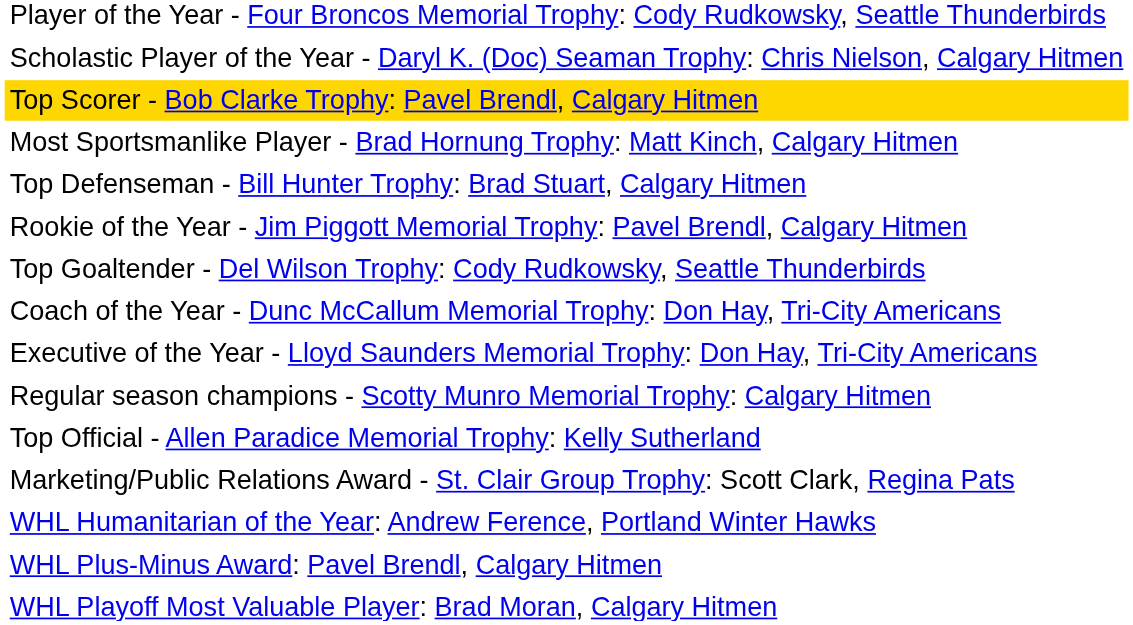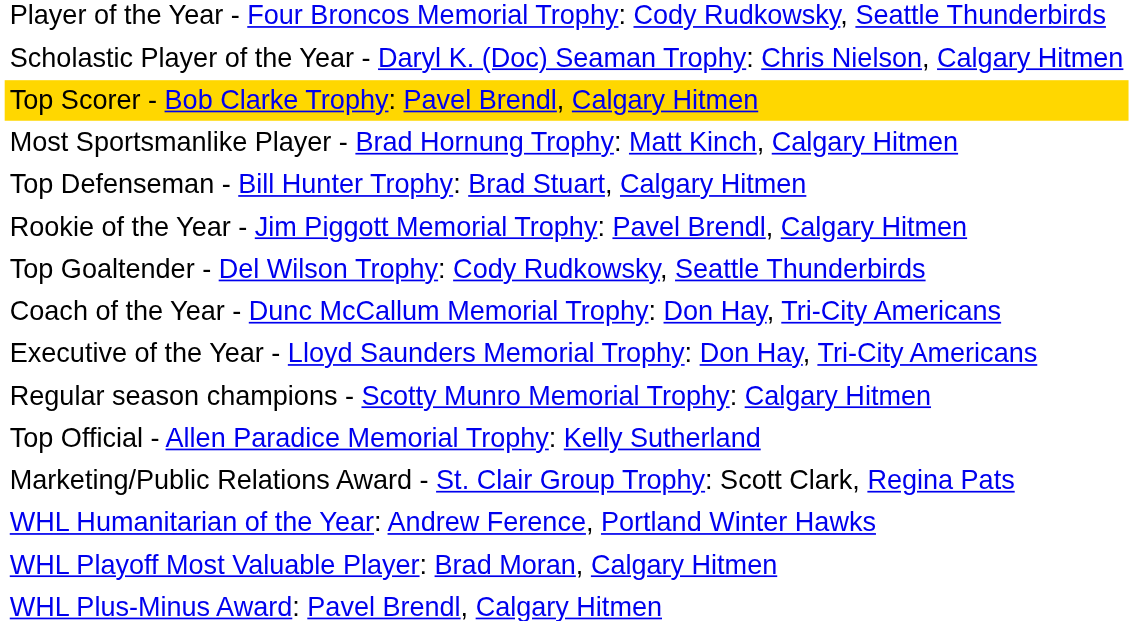 <table cellpadding="3" cellspacing="1">
 <tr>
 <td>Player of the Year - <a href='#'>Four Broncos Memorial Trophy</a>: <a href='#'>Cody Rudkowsky</a>, <a href='#'>Seattle Thunderbirds</a></td>
 </tr>
 <tr>
 <td>Scholastic Player of the Year - <a href='#'>Daryl K. (Doc) Seaman Trophy</a>: <a href='#'>Chris Nielson</a>, <a href='#'>Calgary Hitmen</a></td>
 </tr>
 <tr>
 <td style="background: gold;">Top Scorer - <a href='#'>Bob Clarke Trophy</a>: <a href='#'>Pavel Brendl</a>, <a href='#'>Calgary Hitmen</a></td>
 </tr>
 <tr>
 <td>Most Sportsmanlike Player - <a href='#'>Brad Hornung Trophy</a>: <a href='#'>Matt Kinch</a>, <a href='#'>Calgary Hitmen</a></td>
 </tr>
 <tr>
 <td>Top Defenseman - <a href='#'>Bill Hunter Trophy</a>: <a href='#'>Brad Stuart</a>, <a href='#'>Calgary Hitmen</a></td>
 </tr>
 <tr>
 <td>Rookie of the Year - <a href='#'>Jim Piggott Memorial Trophy</a>: <a href='#'>Pavel Brendl</a>, <a href='#'>Calgary Hitmen</a></td>
 </tr>
 <tr>
 <td>Top Goaltender - <a href='#'>Del Wilson Trophy</a>: <a href='#'>Cody Rudkowsky</a>, <a href='#'>Seattle Thunderbirds</a></td>
 </tr>
 <tr>
 <td>Coach of the Year - <a href='#'>Dunc McCallum Memorial Trophy</a>: <a href='#'>Don Hay</a>, <a href='#'>Tri-City Americans</a></td>
 </tr>
 <tr>
 <td>Executive of the Year - <a href='#'>Lloyd Saunders Memorial Trophy</a>: <a href='#'>Don Hay</a>, <a href='#'>Tri-City Americans</a></td>
 </tr>
 <tr>
 <td>Regular season champions - <a href='#'>Scotty Munro Memorial Trophy</a>: <a href='#'>Calgary Hitmen</a></td>
 </tr>
 <tr>
 <td>Top Official - <a href='#'>Allen Paradice Memorial Trophy</a>: <a href='#'>Kelly Sutherland</a></td>
 </tr>
 <tr>
 <td>Marketing/Public Relations Award - <a href='#'>St. Clair Group Trophy</a>: Scott Clark, <a href='#'>Regina Pats</a></td>
 </tr>
 <tr>
 <td><a href='#'>WHL Humanitarian of the Year</a>: <a href='#'>Andrew Ference</a>, <a href='#'>Portland Winter Hawks</a></td>
 </tr>
 <tr>
+<td><a href='#'>WHL Playoff Most Valuable Player</a>: <a href='#'>Brad Moran</a>, <a href='#'>Calgary Hitmen</a></td>
+</tr>
+<tr>
 <td><a href='#'>WHL Plus-Minus Award</a>: <a href='#'>Pavel Brendl</a>, <a href='#'>Calgary Hitmen</a></td>
 </tr>
-<tr>
-<td><a href='#'>WHL Playoff Most Valuable Player</a>: <a href='#'>Brad Moran</a>, <a href='#'>Calgary Hitmen</a></td>
-</tr>
 </table>
